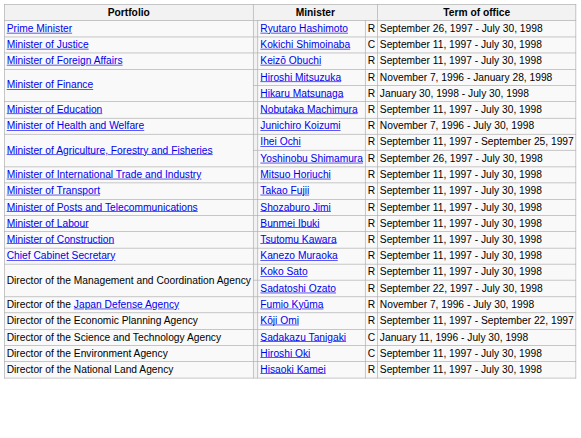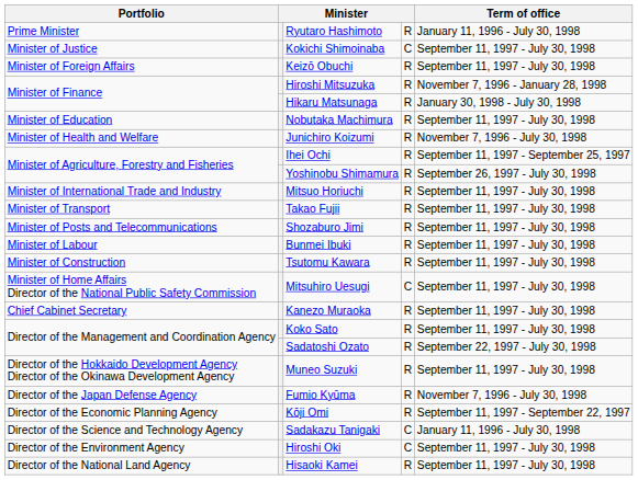 <table class="wikitable">
 <tr>
 <th>Portfolio</th>
 <th colspan=3>Minister</th>
 <th>Term of office</th>
 </tr>
 <tr>
 <td><a href='#'>Prime Minister</a></td>
 <th style="color:inherit;background-color: "></th>
 <td><a href='#'>Ryutaro Hashimoto</a></td>
 <td>R</td>
-<td>September 26, 1997 - July 30, 1998</td>
+<td>January 11, 1996 - July 30, 1998</td>
 </tr>
 <tr>
 <td><a href='#'>Minister of Justice</a></td>
 <th style="color:inherit;background-color: "></th>
 <td><a href='#'>Kokichi Shimoinaba</a></td>
 <td>C</td>
 <td>September 11, 1997 - July 30, 1998</td>
 </tr>
 <tr>
 <td><a href='#'>Minister of Foreign Affairs</a></td>
 <th style="color:inherit;background-color: "></th>
 <td><a href='#'>Keizō Obuchi</a></td>
 <td>R</td>
 <td>September 11, 1997 - July 30, 1998</td>
 </tr>
 <tr>
 <td rowspan=2><a href='#'>Minister of Finance</a></td>
 <th style="color:inherit;background-color: "></th>
 <td><a href='#'>Hiroshi Mitsuzuka</a></td>
 <td>R</td>
 <td>November 7, 1996 - January 28, 1998</td>
 </tr>
 <tr>
 <th style="color:inherit;background-color: "></th>
 <td><a href='#'>Hikaru Matsunaga</a></td>
 <td>R</td>
 <td>January 30, 1998 - July 30, 1998</td>
 </tr>
 <tr>
 <td><a href='#'>Minister of Education</a></td>
 <th style="color:inherit;background-color: "></th>
 <td><a href='#'>Nobutaka Machimura</a></td>
 <td>R</td>
 <td>September 11, 1997 - July 30, 1998</td>
 </tr>
 <tr>
 <td><a href='#'>Minister of Health and Welfare</a></td>
 <th style="color:inherit;background-color: "></th>
 <td><a href='#'>Junichiro Koizumi</a></td>
 <td>R</td>
 <td>November 7, 1996 - July 30, 1998</td>
 </tr>
 <tr>
 <td rowspan=2><a href='#'>Minister of Agriculture, Forestry and Fisheries</a></td>
 <th style="color:inherit;background-color: "></th>
 <td><a href='#'>Ihei Ochi</a></td>
 <td>R</td>
 <td>September 11, 1997 - September 25, 1997</td>
 </tr>
 <tr>
 <th style="color:inherit;background-color: "></th>
 <td><a href='#'>Yoshinobu Shimamura</a></td>
 <td>R</td>
 <td>September 26, 1997 - July 30, 1998</td>
 </tr>
 <tr>
 <td><a href='#'>Minister of International Trade and Industry</a></td>
 <th style="color:inherit;background-color: "></th>
 <td><a href='#'>Mitsuo Horiuchi</a></td>
 <td>R</td>
 <td>September 11, 1997 - July 30, 1998</td>
 </tr>
 <tr>
 <td><a href='#'>Minister of Transport</a></td>
 <th style="color:inherit;background-color: "></th>
 <td><a href='#'>Takao Fujii</a></td>
 <td>R</td>
 <td>September 11, 1997 - July 30, 1998</td>
 </tr>
 <tr>
 <td><a href='#'>Minister of Posts and Telecommunications</a></td>
 <th style="color:inherit;background-color: "></th>
 <td><a href='#'>Shozaburo Jimi</a></td>
 <td>R</td>
 <td>September 11, 1997 - July 30, 1998</td>
 </tr>
 <tr>
 <td><a href='#'>Minister of Labour</a></td>
 <th style="color:inherit;background-color: "></th>
 <td><a href='#'>Bunmei Ibuki</a></td>
 <td>R</td>
 <td>September 11, 1997 - July 30, 1998</td>
 </tr>
 <tr>
 <td><a href='#'>Minister of Construction</a></td>
 <th style="color:inherit;background-color: "></th>
 <td><a href='#'>Tsutomu Kawara</a></td>
 <td>R</td>
 <td>September 11, 1997 - July 30, 1998</td>
 </tr>
 <tr>
+<td><a href='#'>Minister of Home Affairs</a> <br>Director of the <a href='#'>National Public Safety Commission</a></td>
+<th style="color:inherit;background-color: "></th>
+<td><a href='#'>Mitsuhiro Uesugi</a></td>
+<td>C</td>
+<td>September 11, 1997 - July 30, 1998</td>
+</tr>
+<tr>
 <td><a href='#'>Chief Cabinet Secretary</a></td>
 <th style="color:inherit;background-color: "></th>
 <td><a href='#'>Kanezo Muraoka</a></td>
 <td>R</td>
 <td>September 11, 1997 - July 30, 1998</td>
 </tr>
 <tr>
 <td rowspan=2>Director of the Management and Coordination Agency</td>
 <th style="color:inherit;background-color: "></th>
 <td><a href='#'>Koko Sato</a></td>
 <td>R</td>
 <td>September 11, 1997 - July 30, 1998</td>
 </tr>
 <tr>
 <th style="color:inherit;background-color: "></th>
 <td><a href='#'>Sadatoshi Ozato</a></td>
 <td>R</td>
 <td>September 22, 1997 - July 30, 1998</td>
+</tr>
+<tr>
+<td>Director of the <a href='#'>Hokkaido Development Agency</a> <br>Director of the Okinawa Development Agency</td>
+<th style="color:inherit;background-color: "></th>
+<td><a href='#'>Muneo Suzuki</a></td>
+<td>R</td>
+<td>September 11, 1997 - July 30, 1998</td>
 </tr>
 <tr>
 <td>Director of the <a href='#'>Japan Defense Agency</a></td>
 <th style="color:inherit;background-color: "></th>
 <td><a href='#'>Fumio Kyūma</a></td>
 <td>R</td>
 <td>November 7, 1996 - July 30, 1998</td>
 </tr>
 <tr>
 <td>Director of the Economic Planning Agency</td>
 <th style="color:inherit;background-color: "></th>
 <td><a href='#'>Kōji Omi</a></td>
 <td>R</td>
 <td>September 11, 1997 - September 22, 1997</td>
 </tr>
 <tr>
 <td>Director of the Science and Technology Agency</td>
 <th style="color:inherit;background-color: "></th>
 <td><a href='#'>Sadakazu Tanigaki</a></td>
 <td>C</td>
 <td>January 11, 1996 - July 30, 1998</td>
 </tr>
 <tr>
 <td>Director of the Environment Agency</td>
 <th style="color:inherit;background-color: "></th>
 <td><a href='#'>Hiroshi Oki</a></td>
 <td>C</td>
 <td>September 11, 1997 - July 30, 1998</td>
 </tr>
 <tr>
 <td>Director of the National Land Agency</td>
 <th style="color:inherit;background-color: "></th>
 <td><a href='#'>Hisaoki Kamei</a></td>
 <td>R</td>
 <td>September 11, 1997 - July 30, 1998</td>
 </tr>
 </table>
